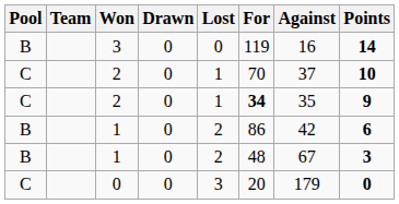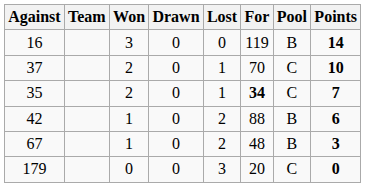 <table class="wikitable" style="text-align: center;">
 <tr>
-<th>Pool</th>
+<th>Against</th>
 <th>Team</th>
 <th>Won</th>
 <th>Drawn</th>
 <th>Lost</th>
 <th>For</th>
-<th>Against</th>
+<th>Pool</th>
 <th>Points</th>
 </tr>
 <tr>
-<td>B</td>
+<td>16</td>
 <td align="left"></td>
 <td>3</td>
 <td>0</td>
 <td>0</td>
 <td>119</td>
-<td>16</td>
+<td>B</td>
 <td><strong>14</strong></td>
 </tr>
 <tr>
-<td>C</td>
+<td>37</td>
 <td align="left"></td>
 <td>2</td>
 <td>0</td>
 <td>1</td>
 <td>70</td>
-<td>37</td>
+<td>C</td>
 <td><strong>10</strong></td>
 </tr>
 <tr>
-<td>C</td>
+<td>35</td>
 <td align="left"></td>
 <td>2</td>
 <td>0</td>
 <td>1</td>
 <td><strong>34</strong></td>
-<td>35</td>
-<td><strong>9</strong></td>
+<td>C</td>
+<td><strong>7</strong></td>
 </tr>
 <tr>
-<td>B</td>
+<td>42</td>
 <td align="left"></td>
 <td>1</td>
 <td>0</td>
 <td>2</td>
-<td>86</td>
-<td>42</td>
+<td>88</td>
+<td>B</td>
 <td><strong>6</strong></td>
 </tr>
 <tr>
-<td>B</td>
+<td>67</td>
 <td align="left"></td>
 <td>1</td>
 <td>0</td>
 <td>2</td>
 <td>48</td>
-<td>67</td>
+<td>B</td>
 <td><strong>3</strong></td>
 </tr>
 <tr>
-<td>C</td>
+<td>179</td>
 <td align="left"></td>
 <td>0</td>
 <td>0</td>
 <td>3</td>
 <td>20</td>
-<td>179</td>
+<td>C</td>
 <td><strong>0</strong></td>
 </tr>
 </table>
